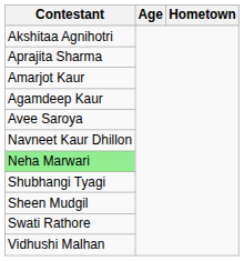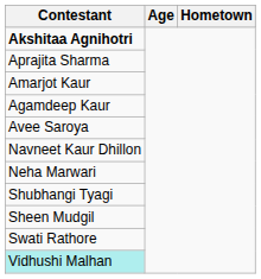 <table class="sortable wikitable">
 <tr style="background:#ccc;">
 <th>Contestant</th>
 <th>Age</th>
 <th>Hometown</th>
 </tr>
 <tr>
-<td>Akshitaa Agnihotri</td>
+<td><strong>Akshitaa Agnihotri</strong></td>
 </tr>
 <tr>
 <td>Aprajita Sharma</td>
 </tr>
 <tr>
 <td>Amarjot Kaur</td>
 </tr>
 <tr>
 <td>Agamdeep Kaur</td>
 </tr>
 <tr>
 <td>Avee Saroya</td>
 </tr>
 <tr>
 <td>Navneet Kaur Dhillon</td>
 </tr>
 <tr>
-<td style="background: lightgreen;">Neha Marwari</td>
+<td>Neha Marwari</td>
 </tr>
 <tr>
 <td>Shubhangi Tyagi</td>
 </tr>
 <tr>
 <td>Sheen Mudgil</td>
 </tr>
 <tr>
 <td>Swati Rathore</td>
 </tr>
 <tr>
-<td>Vidhushi Malhan</td>
+<td style="background: paleturquoise;">Vidhushi Malhan</td>
 </tr>
 </table>
